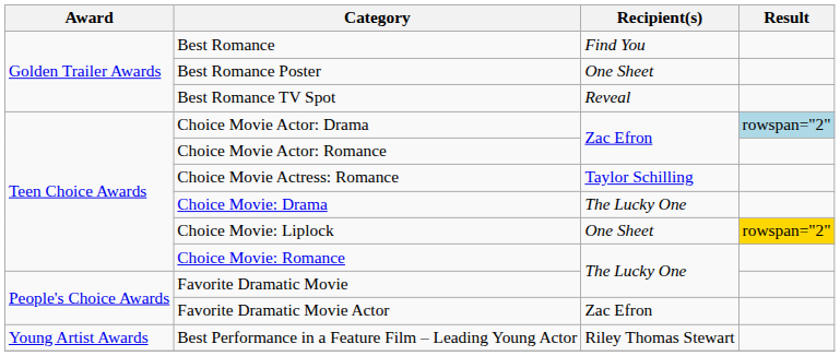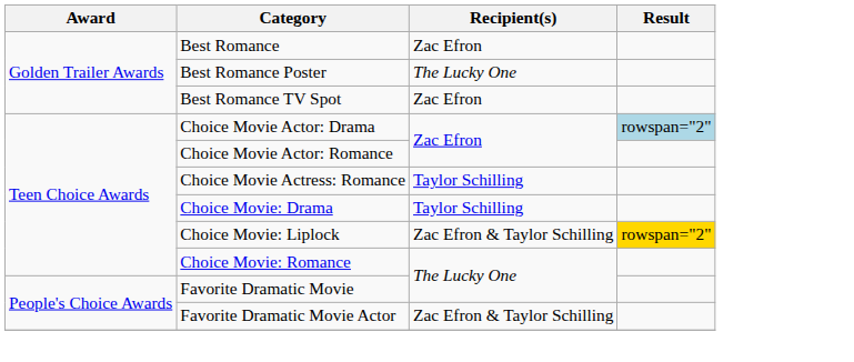 <table class="wikitable">
 <tr>
 <th>Award</th>
 <th>Category</th>
 <th>Recipient(s)</th>
 <th>Result</th>
 </tr>
 <tr>
 <td rowspan="3"><a href='#'>Golden Trailer Awards</a></td>
 <td>Best Romance</td>
-<td><em>Find You</em></td>
+<td>Zac Efron</td>
 <td></td>
 </tr>
 <tr>
 <td>Best Romance Poster</td>
-<td><em>One Sheet</em></td>
+<td><em>The Lucky One</em></td>
 <td></td>
 </tr>
 <tr>
 <td>Best Romance TV Spot</td>
-<td><em>Reveal</em></td>
+<td>Zac Efron</td>
 <td></td>
 </tr>
 <tr>
 <td rowspan="6"><a href='#'>Teen Choice Awards</a></td>
 <td>Choice Movie Actor: Drama</td>
 <td rowspan="2"><a href='#'>Zac Efron</a></td>
 <td style="background: lightblue;">rowspan="2" </td>
 </tr>
 <tr>
 <td>Choice Movie Actor: Romance</td>
 </tr>
 <tr>
 <td>Choice Movie Actress: Romance</td>
 <td><a href='#'>Taylor Schilling</a></td>
 <td></td>
 </tr>
 <tr>
 <td><a href='#'>Choice Movie: Drama</a></td>
-<td><em>The Lucky One</em></td>
+<td><a href='#'>Taylor Schilling</a></td>
 <td></td>
 </tr>
 <tr>
 <td>Choice Movie: Liplock</td>
-<td><em>One Sheet</em></td>
+<td>Zac Efron & Taylor Schilling</td>
 <td style="background: gold;">rowspan="2" </td>
 </tr>
 <tr>
 <td><a href='#'>Choice Movie: Romance</a></td>
 <td rowspan="2"><em>The Lucky One</em></td>
 </tr>
 <tr>
 <td rowspan="2"><a href='#'>People's Choice Awards</a></td>
 <td>Favorite Dramatic Movie</td>
 <td></td>
 </tr>
 <tr>
 <td>Favorite Dramatic Movie Actor</td>
-<td>Zac Efron</td>
-<td></td>
-</tr>
-<tr>
-<td><a href='#'>Young Artist Awards</a></td>
-<td>Best Performance in a Feature Film – Leading Young Actor</td>
-<td>Riley Thomas Stewart</td>
+<td>Zac Efron & Taylor Schilling</td>
 <td></td>
 </tr>
 <tr>
 </tr>
 </table>
